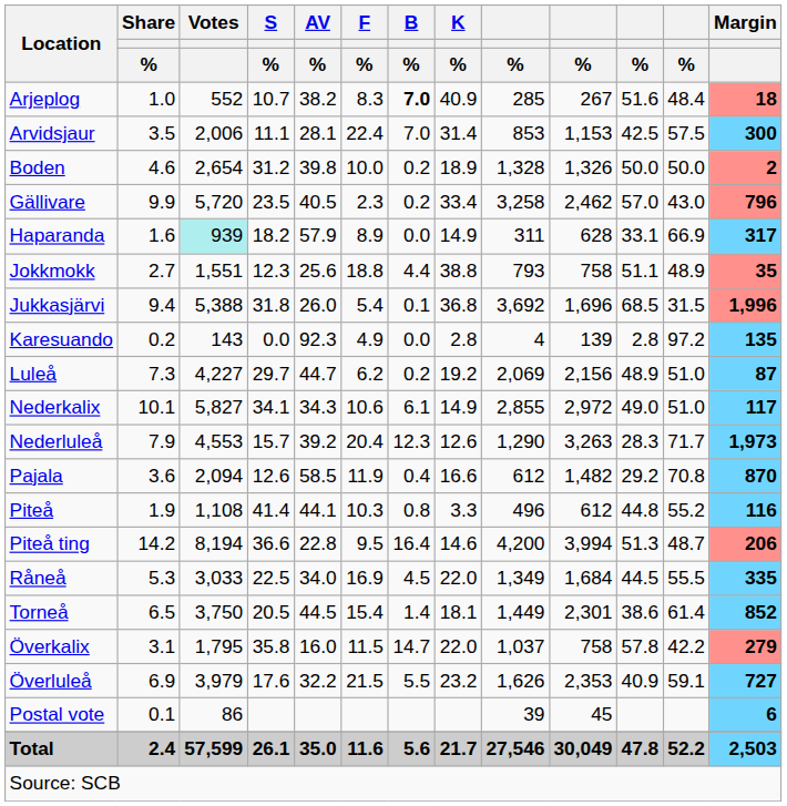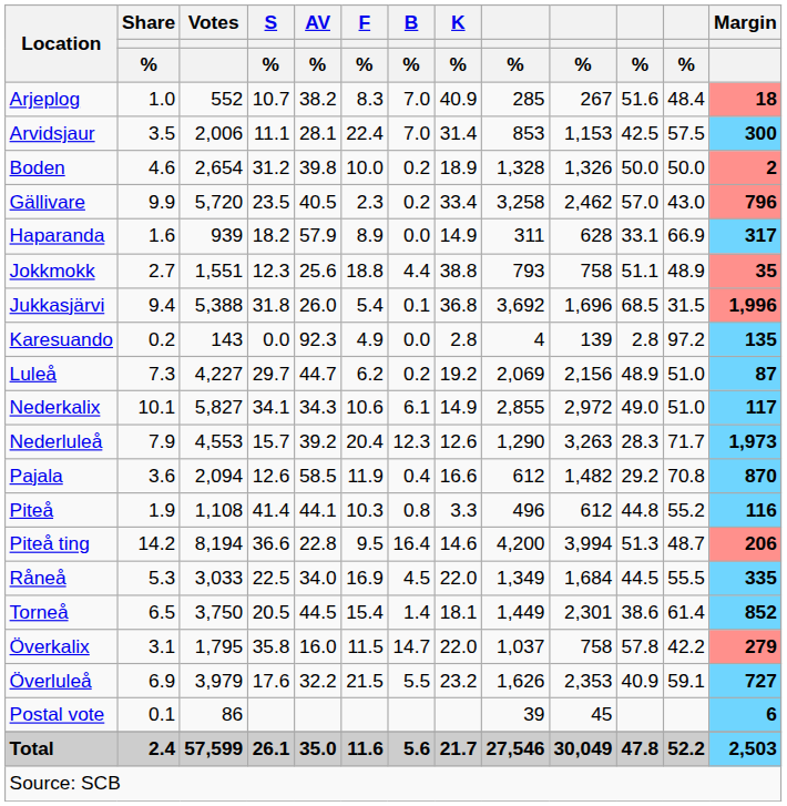 <table class="wikitable sortable" style="text-align:right; font-size:95%; line-height:20px;">
 <tr>
 <th rowspan="3">Location</th>
 <th>Share</th>
 <th>Votes</th>
 <th width="30px" class="unsortable"><a href='#'>S</a></th>
 <th width="30px" class="unsortable"><a href='#'>AV</a></th>
 <th width="30px" class="unsortable"><a href='#'>F</a></th>
 <th width="30px" class="unsortable"><a href='#'>B</a></th>
 <th width="30px" class="unsortable"><a href='#'>K</a></th>
 <th></th>
 <th></th>
 <th></th>
 <th></th>
 <th>Margin</th>
 </tr>
 <tr>
 <th></th>
 <th></th>
 <th style="background:"></th>
 <th style="background:"></th>
 <th style="background:"></th>
 <th style="background:"></th>
 <th style="background:"></th>
 <th style="background:"></th>
 <th style="background:"></th>
 <th style="background:"></th>
 <th style="background:"></th>
 <th></th>
 </tr>
 <tr>
 <th data-sort-type="number">%</th>
 <th></th>
 <th data-sort-type="number">%</th>
 <th data-sort-type="number">%</th>
 <th data-sort-type="number">%</th>
 <th data-sort-type="number">%</th>
 <th data-sort-type="number">%</th>
 <th data-sort-type="number">%</th>
 <th data-sort-type="number">%</th>
 <th data-sort-type="number">%</th>
 <th data-sort-type="number">%</th>
 <th></th>
 </tr>
 <tr>
 <td align=left><a href='#'>Arjeplog</a></td>
 <td>1.0</td>
 <td>552</td>
 <td>10.7</td>
 <td>38.2</td>
 <td>8.3</td>
-<td><strong>7.0</strong></td>
+<td>7.0</td>
 <td>40.9</td>
 <td>285</td>
 <td>267</td>
 <td>51.6</td>
 <td>48.4</td>
 <td bgcolor=#ff908c><strong>18</strong></td>
 </tr>
 <tr>
 <td align=left><a href='#'>Arvidsjaur</a></td>
 <td>3.5</td>
 <td>2,006</td>
 <td>11.1</td>
 <td>28.1</td>
 <td>22.4</td>
 <td>7.0</td>
 <td>31.4</td>
 <td>853</td>
 <td>1,153</td>
 <td>42.5</td>
 <td>57.5</td>
 <td bgcolor=#6fd5fe><strong>300</strong></td>
 </tr>
 <tr>
 <td align=left><a href='#'>Boden</a></td>
 <td>4.6</td>
 <td>2,654</td>
 <td>31.2</td>
 <td>39.8</td>
 <td>10.0</td>
 <td>0.2</td>
 <td>18.9</td>
 <td>1,328</td>
 <td>1,326</td>
 <td>50.0</td>
 <td>50.0</td>
 <td bgcolor=#ff908c><strong>2</strong></td>
 </tr>
 <tr>
 <td align=left><a href='#'>Gällivare</a></td>
 <td>9.9</td>
 <td>5,720</td>
 <td>23.5</td>
 <td>40.5</td>
 <td>2.3</td>
 <td>0.2</td>
 <td>33.4</td>
 <td>3,258</td>
 <td>2,462</td>
 <td>57.0</td>
 <td>43.0</td>
 <td bgcolor=#ff908c><strong>796</strong></td>
 </tr>
 <tr>
 <td align=left><a href='#'>Haparanda</a></td>
 <td>1.6</td>
-<td style="background: paleturquoise;">939</td>
+<td>939</td>
 <td>18.2</td>
 <td>57.9</td>
 <td>8.9</td>
 <td>0.0</td>
 <td>14.9</td>
 <td>311</td>
 <td>628</td>
 <td>33.1</td>
 <td>66.9</td>
 <td bgcolor=#6fd5fe><strong>317</strong></td>
 </tr>
 <tr>
 <td align=left><a href='#'>Jokkmokk</a></td>
 <td>2.7</td>
 <td>1,551</td>
 <td>12.3</td>
 <td>25.6</td>
 <td>18.8</td>
 <td>4.4</td>
 <td>38.8</td>
 <td>793</td>
 <td>758</td>
 <td>51.1</td>
 <td>48.9</td>
 <td bgcolor=#ff908c><strong>35</strong></td>
 </tr>
 <tr>
 <td align=left><a href='#'>Jukkasjärvi</a></td>
 <td>9.4</td>
 <td>5,388</td>
 <td>31.8</td>
 <td>26.0</td>
 <td>5.4</td>
 <td>0.1</td>
 <td>36.8</td>
 <td>3,692</td>
 <td>1,696</td>
 <td>68.5</td>
 <td>31.5</td>
 <td bgcolor=#ff908c><strong>1,996</strong></td>
 </tr>
 <tr>
 <td align=left><a href='#'>Karesuando</a></td>
 <td>0.2</td>
 <td>143</td>
 <td>0.0</td>
 <td>92.3</td>
 <td>4.9</td>
 <td>0.0</td>
 <td>2.8</td>
 <td>4</td>
 <td>139</td>
 <td>2.8</td>
 <td>97.2</td>
 <td bgcolor=#6fd5fe><strong>135</strong></td>
 </tr>
 <tr>
 <td align=left><a href='#'>Luleå</a></td>
 <td>7.3</td>
 <td>4,227</td>
 <td>29.7</td>
 <td>44.7</td>
 <td>6.2</td>
 <td>0.2</td>
 <td>19.2</td>
 <td>2,069</td>
 <td>2,156</td>
 <td>48.9</td>
 <td>51.0</td>
 <td bgcolor=#6fd5fe><strong>87</strong></td>
 </tr>
 <tr>
 <td align=left><a href='#'>Nederkalix</a></td>
 <td>10.1</td>
 <td>5,827</td>
 <td>34.1</td>
 <td>34.3</td>
 <td>10.6</td>
 <td>6.1</td>
 <td>14.9</td>
 <td>2,855</td>
 <td>2,972</td>
 <td>49.0</td>
 <td>51.0</td>
 <td bgcolor=#6fd5fe><strong>117</strong></td>
 </tr>
 <tr>
 <td align=left><a href='#'>Nederluleå</a></td>
 <td>7.9</td>
 <td>4,553</td>
 <td>15.7</td>
 <td>39.2</td>
 <td>20.4</td>
 <td>12.3</td>
 <td>12.6</td>
 <td>1,290</td>
 <td>3,263</td>
 <td>28.3</td>
 <td>71.7</td>
 <td bgcolor=#6fd5fe><strong>1,973</strong></td>
 </tr>
 <tr>
 <td align=left><a href='#'>Pajala</a></td>
 <td>3.6</td>
 <td>2,094</td>
 <td>12.6</td>
 <td>58.5</td>
 <td>11.9</td>
 <td>0.4</td>
 <td>16.6</td>
 <td>612</td>
 <td>1,482</td>
 <td>29.2</td>
 <td>70.8</td>
 <td bgcolor=#6fd5fe><strong>870</strong></td>
 </tr>
 <tr>
 <td align=left><a href='#'>Piteå</a></td>
 <td>1.9</td>
 <td>1,108</td>
 <td>41.4</td>
 <td>44.1</td>
 <td>10.3</td>
 <td>0.8</td>
 <td>3.3</td>
 <td>496</td>
 <td>612</td>
 <td>44.8</td>
 <td>55.2</td>
 <td bgcolor=#6fd5fe><strong>116</strong></td>
 </tr>
 <tr>
 <td align=left><a href='#'>Piteå ting</a></td>
 <td>14.2</td>
 <td>8,194</td>
 <td>36.6</td>
 <td>22.8</td>
 <td>9.5</td>
 <td>16.4</td>
 <td>14.6</td>
 <td>4,200</td>
 <td>3,994</td>
 <td>51.3</td>
 <td>48.7</td>
 <td bgcolor=#ff908c><strong>206</strong></td>
 </tr>
 <tr>
 <td align=left><a href='#'>Råneå</a></td>
 <td>5.3</td>
 <td>3,033</td>
 <td>22.5</td>
 <td>34.0</td>
 <td>16.9</td>
 <td>4.5</td>
 <td>22.0</td>
 <td>1,349</td>
 <td>1,684</td>
 <td>44.5</td>
 <td>55.5</td>
 <td bgcolor=#6fd5fe><strong>335</strong></td>
 </tr>
 <tr>
 <td align=left><a href='#'>Torneå</a></td>
 <td>6.5</td>
 <td>3,750</td>
 <td>20.5</td>
 <td>44.5</td>
 <td>15.4</td>
 <td>1.4</td>
 <td>18.1</td>
 <td>1,449</td>
 <td>2,301</td>
 <td>38.6</td>
 <td>61.4</td>
 <td bgcolor=#6fd5fe><strong>852</strong></td>
 </tr>
 <tr>
 <td align=left><a href='#'>Överkalix</a></td>
 <td>3.1</td>
 <td>1,795</td>
 <td>35.8</td>
 <td>16.0</td>
 <td>11.5</td>
 <td>14.7</td>
 <td>22.0</td>
 <td>1,037</td>
 <td>758</td>
 <td>57.8</td>
 <td>42.2</td>
 <td bgcolor=#ff908c><strong>279</strong></td>
 </tr>
 <tr>
 <td align=left><a href='#'>Överluleå</a></td>
 <td>6.9</td>
 <td>3,979</td>
 <td>17.6</td>
 <td>32.2</td>
 <td>21.5</td>
 <td>5.5</td>
 <td>23.2</td>
 <td>1,626</td>
 <td>2,353</td>
 <td>40.9</td>
 <td>59.1</td>
 <td bgcolor=#6fd5fe><strong>727</strong></td>
 </tr>
 <tr>
 <td align=left><a href='#'>Postal vote</a></td>
 <td>0.1</td>
 <td>86</td>
 <td></td>
 <td></td>
 <td></td>
 <td></td>
 <td></td>
 <td>39</td>
 <td>45</td>
 <td></td>
 <td></td>
 <td bgcolor=#6fd5fe><strong>6</strong></td>
 </tr>
 <tr>
 </tr>
 <tr style="background:#CDCDCD;">
 <td align=left><strong>Total</strong></td>
 <td><strong>2.4</strong></td>
 <td><strong>57,599</strong></td>
 <td><strong>26.1</strong></td>
 <td><strong>35.0</strong></td>
 <td><strong>11.6</strong></td>
 <td><strong>5.6</strong></td>
 <td><strong>21.7</strong></td>
 <td><strong>27,546</strong></td>
 <td><strong>30,049</strong></td>
 <td><strong>47.8</strong></td>
 <td><strong>52.2</strong></td>
 <td bgcolor=#6fd5fe><strong>2,503</strong></td>
 </tr>
 <tr>
 <td align=left colspan=13>Source: SCB </td>
 </tr>
 </table>
